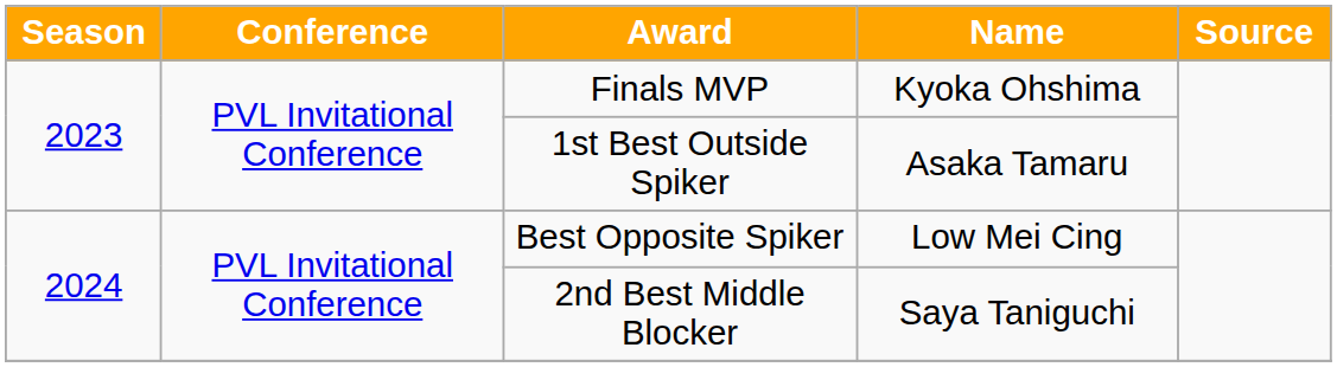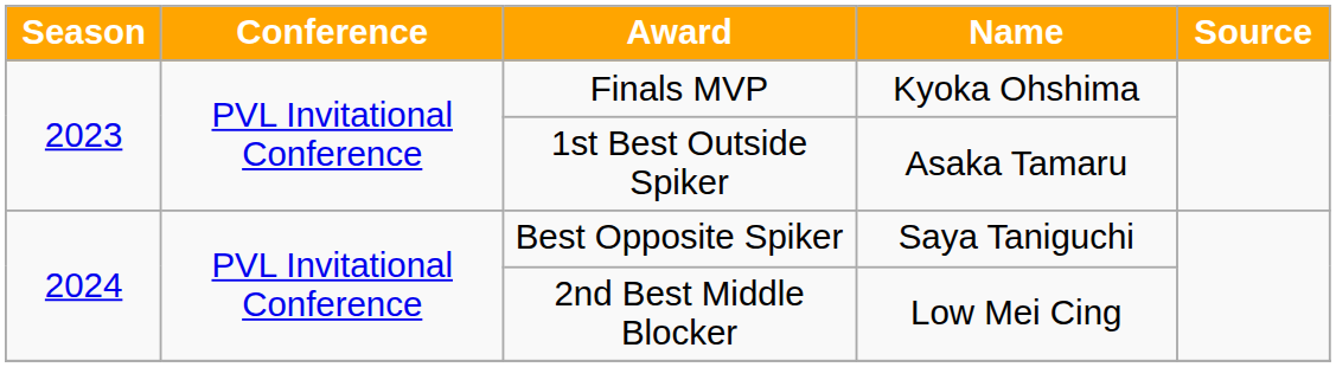 <table class="wikitable">
 <tr>
 <th width=70px style="background: #FFA500; color: white; text-align: center"><strong>Season</strong></th>
 <th width=200px style="background: #FFA500; color: White"><strong>Conference</strong></th>
 <th width=230px style="background: #FFA500; color: White"><strong>Award</strong></th>
 <th width=200px style="background: #FFA500; color: White"><strong>Name</strong></th>
 <th width=70px style="background: #FFA500; color: White"><strong>Source</strong></th>
 </tr>
 <tr align=center>
 <td rowspan=2><a href='#'>2023</a></td>
 <td rowspan=2><a href='#'>PVL Invitational Conference</a></td>
 <td>Finals MVP</td>
 <td>Kyoka Ohshima</td>
 <td rowspan=2><br></td>
 </tr>
 <tr align=center>
 <td>1st Best Outside Spiker</td>
 <td>Asaka Tamaru</td>
 </tr>
 <tr align=center>
 <td rowspan=2><a href='#'>2024</a></td>
 <td rowspan=2><a href='#'>PVL Invitational Conference</a></td>
 <td>Best Opposite Spiker</td>
-<td>Low Mei  Cing</td>
+<td>Saya Taniguchi</td>
 <td rowspan=2></td>
 </tr>
 <tr align=center>
 <td>2nd Best Middle Blocker</td>
-<td>Saya Taniguchi</td>
+<td>Low Mei  Cing</td>
 </tr>
 <tr>
 </tr>
 </table>
